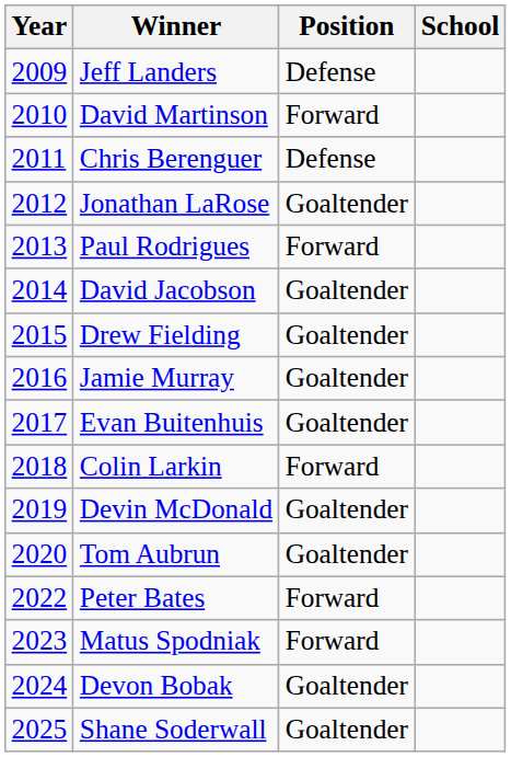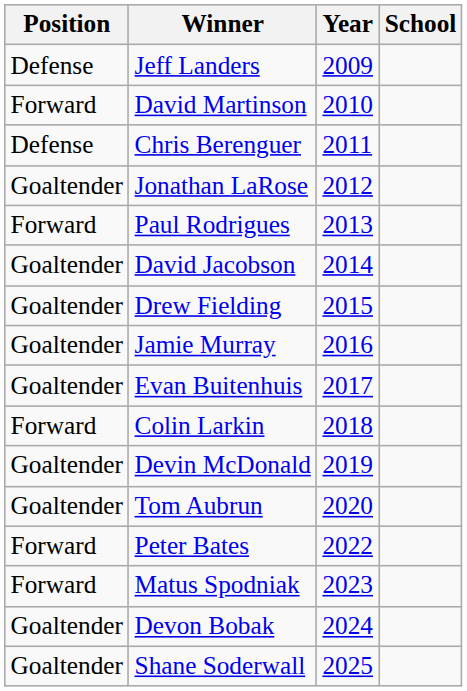 <table class="wikitable sortable">
 <tr style="background:#e5e5e5;">
+<th>Position</th>
+<th>Winner</th>
 <th>Year</th>
-<th>Winner</th>
-<th>Position</th>
 <th>School</th>
 </tr>
 <tr>
+<td>Defense</td>
+<td><a href='#'>Jeff Landers</a></td>
 <td><a href='#'>2009</a></td>
-<td><a href='#'>Jeff Landers</a></td>
-<td>Defense</td>
 <td><strong><a href='#'></a></strong></td>
 </tr>
 <tr>
+<td>Forward</td>
+<td><a href='#'>David Martinson</a></td>
 <td><a href='#'>2010</a></td>
-<td><a href='#'>David Martinson</a></td>
-<td>Forward</td>
 <td><strong><a href='#'></a></strong></td>
 </tr>
 <tr>
+<td>Defense</td>
+<td><a href='#'>Chris Berenguer</a></td>
 <td><a href='#'>2011</a></td>
-<td><a href='#'>Chris Berenguer</a></td>
-<td>Defense</td>
 <td><strong><a href='#'></a></strong></td>
 </tr>
 <tr>
+<td>Goaltender</td>
+<td><a href='#'>Jonathan LaRose</a></td>
 <td><a href='#'>2012</a></td>
-<td><a href='#'>Jonathan LaRose</a></td>
-<td>Goaltender</td>
 <td><strong><a href='#'></a></strong></td>
 </tr>
 <tr>
+<td>Forward</td>
+<td><a href='#'>Paul Rodrigues</a></td>
 <td><a href='#'>2013</a></td>
-<td><a href='#'>Paul Rodrigues</a></td>
-<td>Forward</td>
 <td><strong><a href='#'></a></strong></td>
 </tr>
 <tr>
+<td>Goaltender</td>
+<td><a href='#'>David Jacobson</a></td>
 <td><a href='#'>2014</a></td>
-<td><a href='#'>David Jacobson</a></td>
-<td>Goaltender</td>
 <td><strong><a href='#'></a></strong></td>
 </tr>
 <tr>
+<td>Goaltender</td>
+<td><a href='#'>Drew Fielding</a></td>
 <td><a href='#'>2015</a></td>
-<td><a href='#'>Drew Fielding</a></td>
-<td>Goaltender</td>
 <td><strong><a href='#'></a></strong></td>
 </tr>
 <tr>
+<td>Goaltender</td>
+<td><a href='#'>Jamie Murray</a></td>
 <td><a href='#'>2016</a></td>
-<td><a href='#'>Jamie Murray</a></td>
-<td>Goaltender</td>
 <td><strong><a href='#'></a></strong></td>
 </tr>
 <tr>
+<td>Goaltender</td>
+<td><a href='#'>Evan Buitenhuis</a></td>
 <td><a href='#'>2017</a></td>
-<td><a href='#'>Evan Buitenhuis</a></td>
-<td>Goaltender</td>
 <td><strong><a href='#'></a></strong></td>
 </tr>
 <tr>
+<td>Forward</td>
+<td><a href='#'>Colin Larkin</a></td>
 <td><a href='#'>2018</a></td>
-<td><a href='#'>Colin Larkin</a></td>
-<td>Forward</td>
 <td><strong><a href='#'></a></strong></td>
 </tr>
 <tr>
+<td>Goaltender</td>
+<td><a href='#'>Devin McDonald</a></td>
 <td><a href='#'>2019</a></td>
-<td><a href='#'>Devin McDonald</a></td>
-<td>Goaltender</td>
 <td><strong><a href='#'></a></strong></td>
 </tr>
 <tr>
+<td>Goaltender</td>
+<td><a href='#'>Tom Aubrun</a></td>
 <td><a href='#'>2020</a></td>
-<td><a href='#'>Tom Aubrun</a></td>
-<td>Goaltender</td>
 <td><strong><a href='#'></a></strong></td>
 </tr>
 <tr>
+<td>Forward</td>
+<td><a href='#'>Peter Bates</a></td>
 <td><a href='#'>2022</a></td>
-<td><a href='#'>Peter Bates</a></td>
-<td>Forward</td>
 <td><strong><a href='#'></a></strong></td>
 </tr>
 <tr>
+<td>Forward</td>
+<td><a href='#'>Matus Spodniak</a></td>
 <td><a href='#'>2023</a></td>
-<td><a href='#'>Matus Spodniak</a></td>
-<td>Forward</td>
 <td><strong><a href='#'></a></strong></td>
 </tr>
 <tr>
+<td>Goaltender</td>
+<td><a href='#'>Devon Bobak</a></td>
 <td><a href='#'>2024</a></td>
-<td><a href='#'>Devon Bobak</a></td>
-<td>Goaltender</td>
 <td><strong><a href='#'></a></strong></td>
 </tr>
 <tr>
+<td>Goaltender</td>
+<td><a href='#'>Shane Soderwall</a></td>
 <td><a href='#'>2025</a></td>
-<td><a href='#'>Shane Soderwall</a></td>
-<td>Goaltender</td>
 <td><strong><a href='#'></a></strong></td>
 </tr>
 </table>
